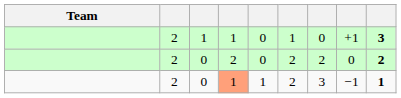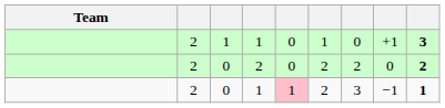 <table class="wikitable" style="text-align: center; font-size:90% ">
 <tr>
 <th width=160>Team</th>
 <th width=25></th>
 <th width=25></th>
 <th width=25></th>
 <th width=25></th>
 <th width=25></th>
 <th width=25></th>
 <th width=25></th>
 <th width=25></th>
 </tr>
 <tr bgcolor="ccffcc">
 <td align=left></td>
 <td>2</td>
 <td>1</td>
 <td>1</td>
 <td>0</td>
 <td>1</td>
 <td>0</td>
 <td>+1</td>
 <td><strong>3</strong></td>
 </tr>
 <tr bgcolor="ccffcc">
 <td align=left></td>
 <td>2</td>
 <td>0</td>
 <td>2</td>
 <td>0</td>
 <td>2</td>
 <td>2</td>
 <td>0</td>
 <td><strong>2</strong></td>
 </tr>
 <tr>
 <td align=left></td>
 <td>2</td>
 <td>0</td>
-<td style="background: lightsalmon;">1</td>
 <td>1</td>
+<td style="background: pink;">1</td>
 <td>2</td>
 <td>3</td>
 <td>−1</td>
 <td><strong>1</strong></td>
 </tr>
 </table>
